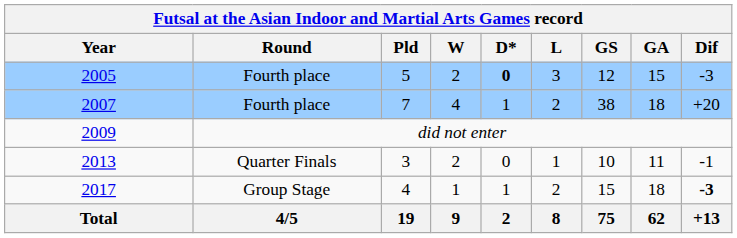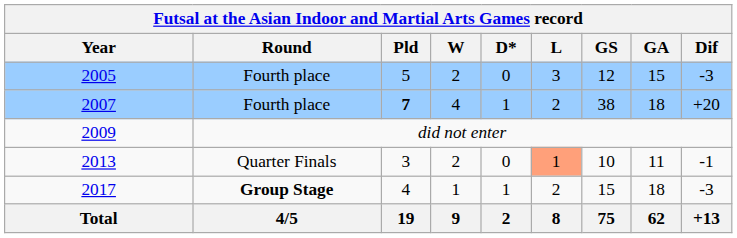 <table class="wikitable" style="text-align: center;font-size:90%;">
 <tr>
 <th colspan=9><a href='#'>Futsal at the Asian Indoor and Martial Arts Games</a> record</th>
 </tr>
 <tr>
 <th width=150>Year</th>
 <th width=150>Round</th>
 <th width=35>Pld</th>
 <th width=35>W</th>
 <th width=35>D*</th>
 <th width=35>L</th>
 <th width=35>GS</th>
 <th width=35>GA</th>
 <th width=35>Dif</th>
 </tr>
 <tr bgcolor=#9acdff>
 <td> <a href='#'>2005</a></td>
 <td>Fourth place</td>
 <td>5</td>
 <td>2</td>
-<td><strong>0</strong></td>
+<td>0</td>
 <td>3</td>
 <td>12</td>
 <td>15</td>
 <td>-3</td>
 </tr>
 <tr bgcolor=#9acdff>
 <td> <a href='#'>2007</a></td>
 <td>Fourth place</td>
-<td>7</td>
+<td><strong>7</strong></td>
 <td>4</td>
 <td>1</td>
 <td>2</td>
 <td>38</td>
 <td>18</td>
 <td>+20</td>
 </tr>
 <tr>
 <td> <a href='#'>2009</a></td>
 <td colspan=9><em>did not enter</em></td>
 </tr>
 <tr>
 <td> <a href='#'>2013</a></td>
 <td>Quarter Finals</td>
 <td>3</td>
 <td>2</td>
 <td>0</td>
-<td>1</td>
+<td style="background: lightsalmon;">1</td>
 <td>10</td>
 <td>11</td>
 <td>-1</td>
 </tr>
 <tr>
 <td> <a href='#'>2017</a></td>
-<td>Group Stage</td>
+<td><strong>Group Stage</strong></td>
 <td>4</td>
 <td>1</td>
 <td>1</td>
 <td>2</td>
 <td>15</td>
 <td>18</td>
-<td><strong>-3</strong></td>
+<td>-3</td>
 </tr>
 <tr>
 <th><strong>Total</strong></th>
 <th>4/5</th>
 <th>19</th>
 <th>9</th>
 <th>2</th>
 <th>8</th>
 <th>75</th>
 <th>62</th>
 <th>+13</th>
 </tr>
 </table>
